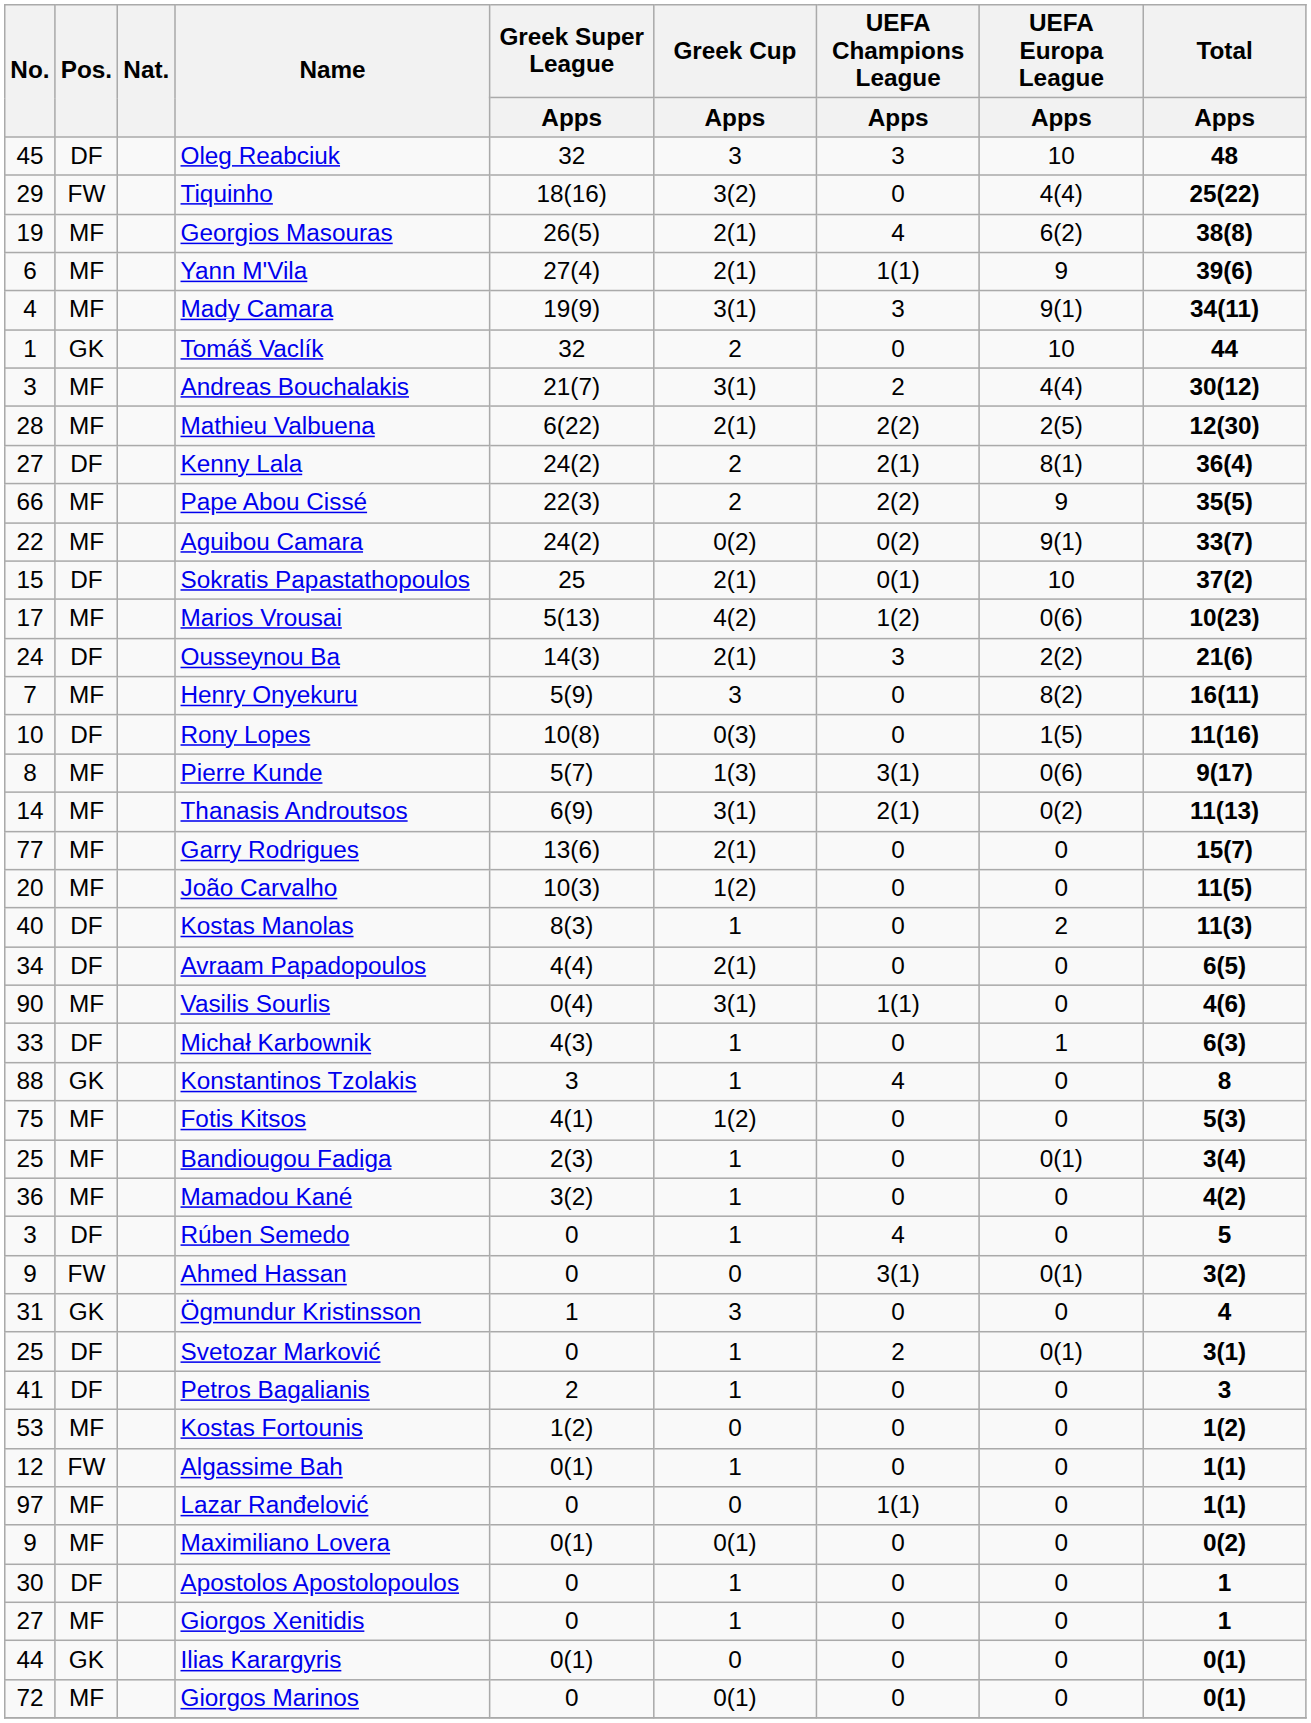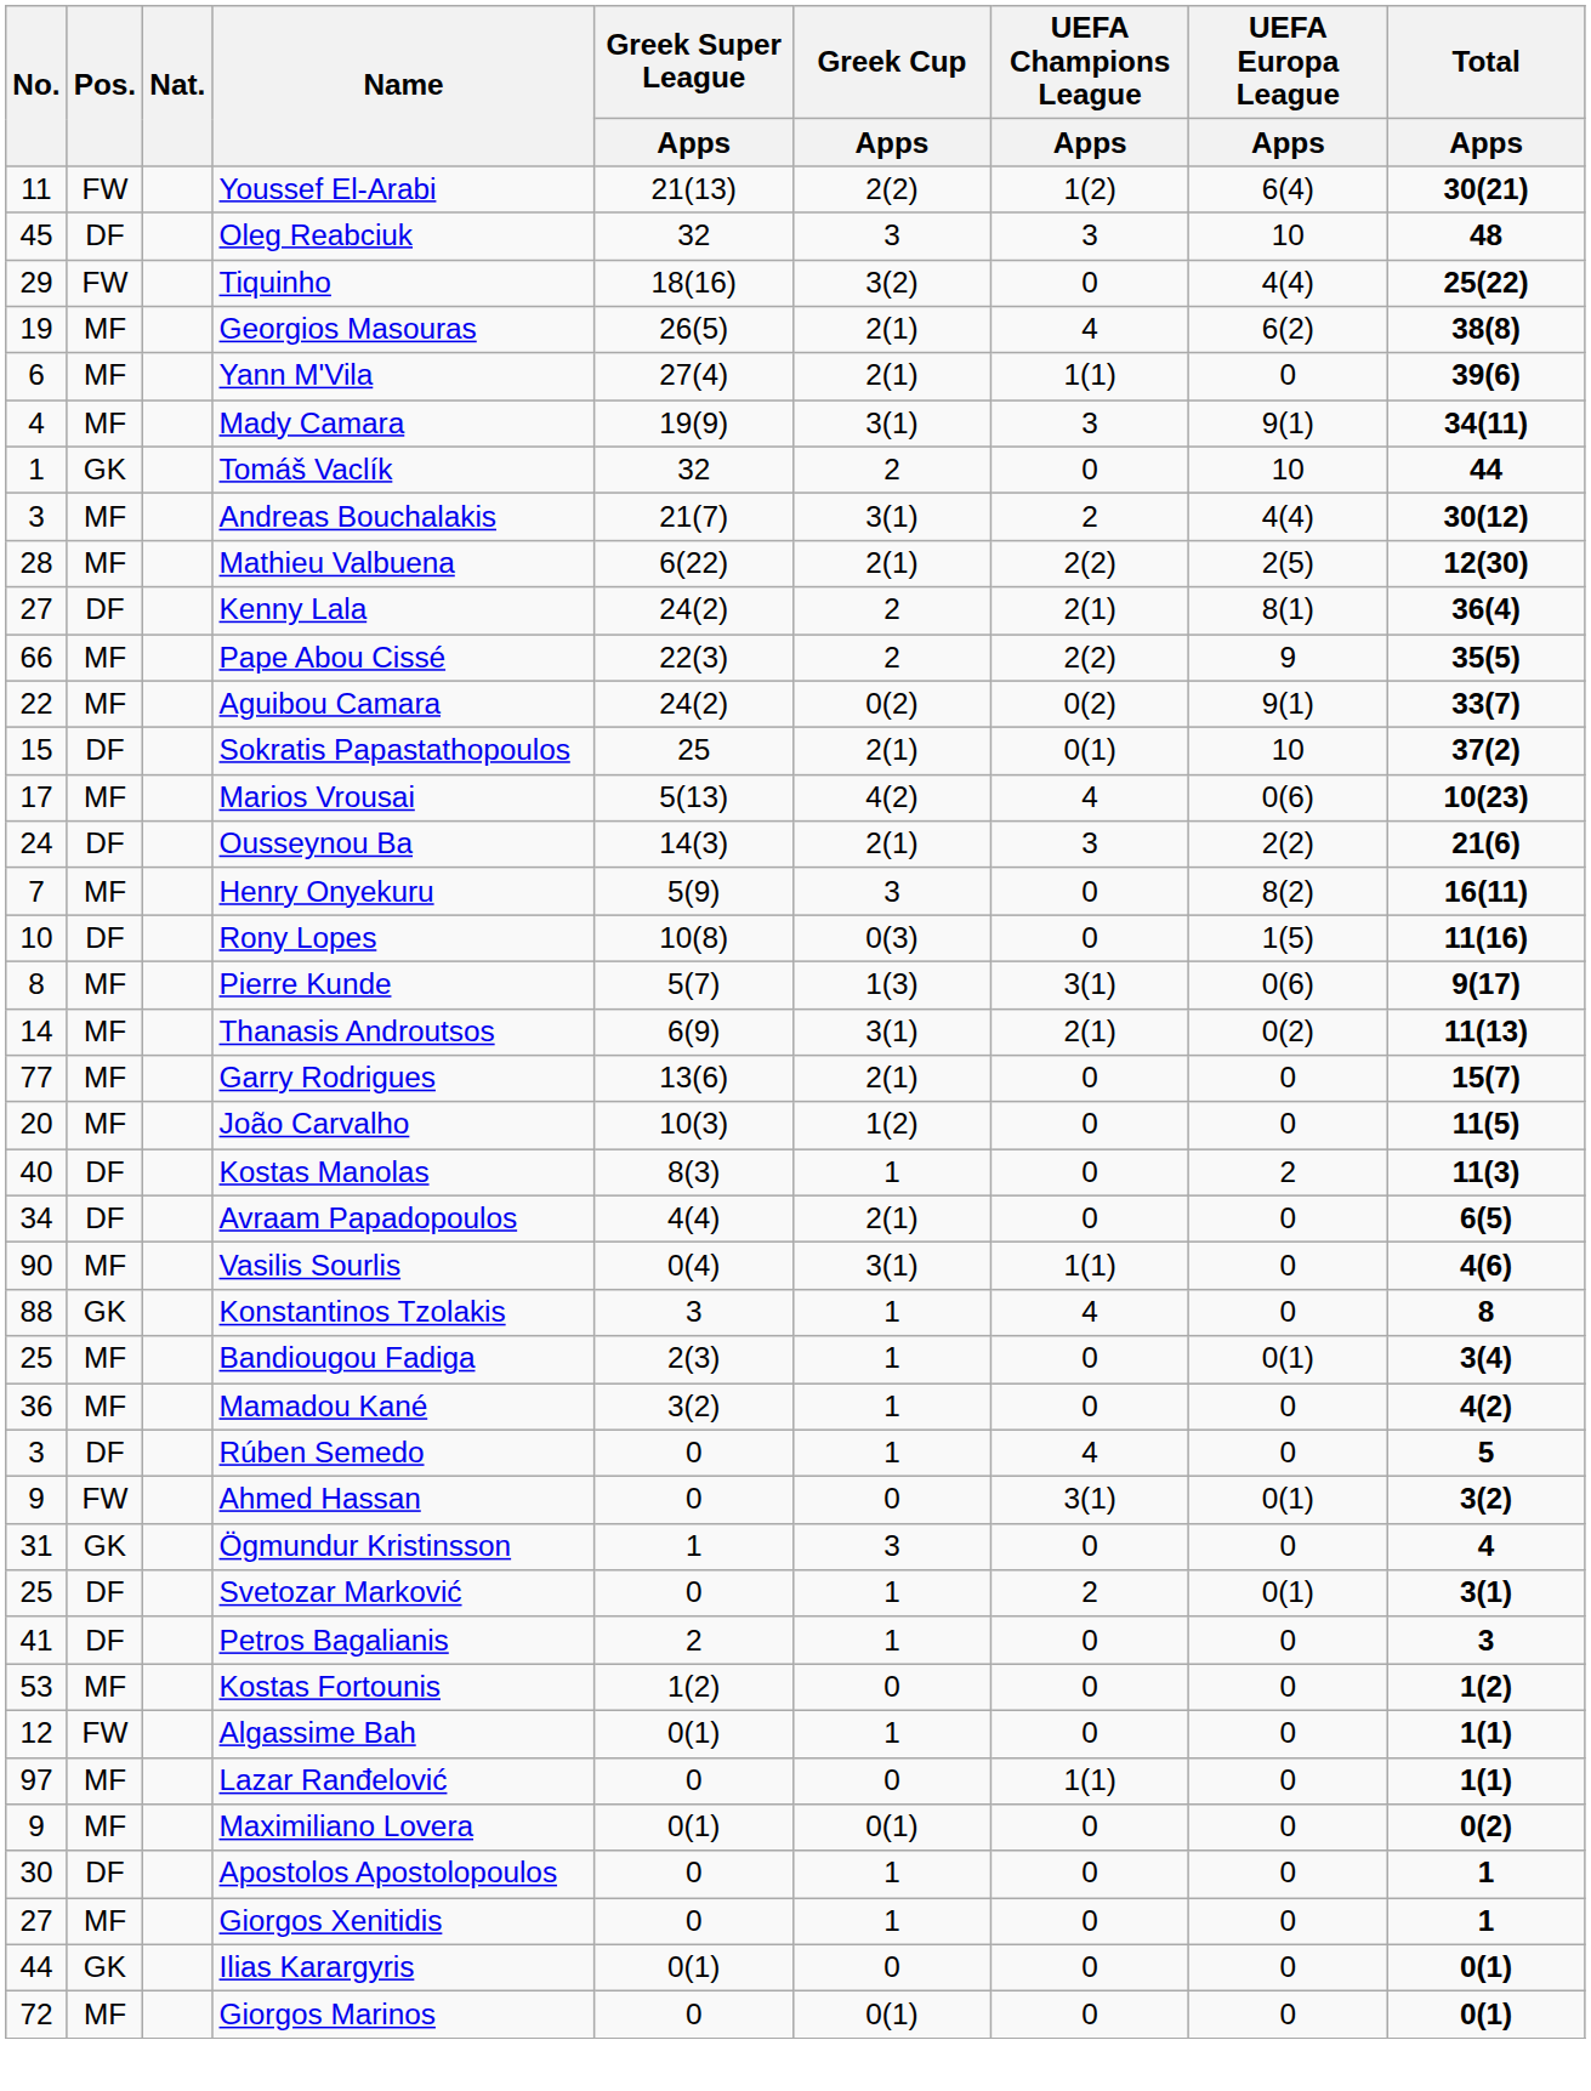 <table class="wikitable sortable" style="text-align:center">
 <tr>
 <th style="text-align:center;" rowspan="2">No.</th>
 <th style="text-align:center;" rowspan="2">Pos.</th>
 <th style="text-align:center;" rowspan="2">Nat.</th>
 <th style="text-align:center; width:200px;" rowspan="2">Name</th>
 <th style="text-align:center; width:100px;">Greek Super League</th>
 <th style="text-align:center; width:100px;">Greek Cup</th>
 <th style="text-align:center; width:100px;">UEFA Champions League</th>
 <th style="text-align:center; width:100px;">UEFA Europa League</th>
 <th style="text-align:center; width:100px;">Total</th>
 </tr>
 <tr>
 <th style="text-align:center;">Apps</th>
 <th style="text-align:center;">Apps</th>
 <th style="text-align:center;">Apps</th>
 <th style="text-align:center;">Apps</th>
 <th style="text-align:center;">Apps</th>
+</tr>
+<tr>
+<td>11</td>
+<td>FW</td>
+<td></td>
+<td align=left><a href='#'>Youssef El-Arabi</a></td>
+<td>21(13)</td>
+<td>2(2)</td>
+<td>1(2)</td>
+<td>6(4)</td>
+<td><strong>30(21)</strong></td>
 </tr>
 <tr>
 <td>45</td>
 <td>DF</td>
 <td></td>
 <td align=left><a href='#'>Oleg Reabciuk</a></td>
 <td>32</td>
 <td>3</td>
 <td>3</td>
 <td>10</td>
 <td><strong>48</strong></td>
 </tr>
 <tr>
 <td>29</td>
 <td>FW</td>
 <td></td>
 <td align=left><a href='#'>Tiquinho</a></td>
 <td>18(16)</td>
 <td>3(2)</td>
 <td>0</td>
 <td>4(4)</td>
 <td><strong>25(22)</strong></td>
 </tr>
 <tr>
 <td>19</td>
 <td>MF</td>
 <td></td>
 <td align=left><a href='#'>Georgios Masouras</a></td>
 <td>26(5)</td>
 <td>2(1)</td>
 <td>4</td>
 <td>6(2)</td>
 <td><strong>38(8)</strong></td>
 </tr>
 <tr>
 <td>6</td>
 <td>MF</td>
 <td></td>
 <td align=left><a href='#'>Yann M'Vila</a></td>
 <td>27(4)</td>
 <td>2(1)</td>
 <td>1(1)</td>
-<td>9</td>
+<td>0</td>
 <td><strong>39(6)</strong></td>
 </tr>
 <tr>
 <td>4</td>
 <td>MF</td>
 <td></td>
 <td align=left><a href='#'>Mady Camara</a></td>
 <td>19(9)</td>
 <td>3(1)</td>
 <td>3</td>
 <td>9(1)</td>
 <td><strong>34(11)</strong></td>
 </tr>
 <tr>
 <td>1</td>
 <td>GK</td>
 <td></td>
 <td align=left><a href='#'>Tomáš Vaclík</a></td>
 <td>32</td>
 <td>2</td>
 <td>0</td>
 <td>10</td>
 <td><strong>44</strong></td>
 </tr>
 <tr>
 <td>3</td>
 <td>MF</td>
 <td></td>
 <td align=left><a href='#'>Andreas Bouchalakis</a></td>
 <td>21(7)</td>
 <td>3(1)</td>
 <td>2</td>
 <td>4(4)</td>
 <td><strong>30(12)</strong></td>
 </tr>
 <tr>
 <td>28</td>
 <td>MF</td>
 <td></td>
 <td align=left><a href='#'>Mathieu Valbuena</a></td>
 <td>6(22)</td>
 <td>2(1)</td>
 <td>2(2)</td>
 <td>2(5)</td>
 <td><strong>12(30)</strong></td>
 </tr>
 <tr>
 <td>27</td>
 <td>DF</td>
 <td></td>
 <td align=left><a href='#'>Kenny Lala</a></td>
 <td>24(2)</td>
 <td>2</td>
 <td>2(1)</td>
 <td>8(1)</td>
 <td><strong>36(4)</strong></td>
 </tr>
 <tr>
 <td>66</td>
 <td>MF</td>
 <td></td>
 <td align=left><a href='#'>Pape Abou Cissé</a></td>
 <td>22(3)</td>
 <td>2</td>
 <td>2(2)</td>
 <td>9</td>
 <td><strong>35(5)</strong></td>
 </tr>
 <tr>
 <td>22</td>
 <td>MF</td>
 <td></td>
 <td align=left><a href='#'>Aguibou Camara</a></td>
 <td>24(2)</td>
 <td>0(2)</td>
 <td>0(2)</td>
 <td>9(1)</td>
 <td><strong>33(7)</strong></td>
 </tr>
 <tr>
 <td>15</td>
 <td>DF</td>
 <td></td>
 <td align=left><a href='#'>Sokratis Papastathopoulos</a></td>
 <td>25</td>
 <td>2(1)</td>
 <td>0(1)</td>
 <td>10</td>
 <td><strong>37(2)</strong></td>
 </tr>
 <tr>
 <td>17</td>
 <td>MF</td>
 <td></td>
 <td align=left><a href='#'>Marios Vrousai</a></td>
 <td>5(13)</td>
 <td>4(2)</td>
-<td>1(2)</td>
+<td>4</td>
 <td>0(6)</td>
 <td><strong>10(23)</strong></td>
 </tr>
 <tr>
 <td>24</td>
 <td>DF</td>
 <td></td>
 <td align=left><a href='#'>Ousseynou Ba</a></td>
 <td>14(3)</td>
 <td>2(1)</td>
 <td>3</td>
 <td>2(2)</td>
 <td><strong>21(6)</strong></td>
 </tr>
 <tr>
 <td>7</td>
 <td>MF</td>
 <td></td>
 <td align=left><a href='#'>Henry Onyekuru</a></td>
 <td>5(9)</td>
 <td>3</td>
 <td>0</td>
 <td>8(2)</td>
 <td><strong>16(11)</strong></td>
 </tr>
 <tr>
 <td>10</td>
 <td>DF</td>
 <td></td>
 <td align=left><a href='#'>Rony Lopes</a></td>
 <td>10(8)</td>
 <td>0(3)</td>
 <td>0</td>
 <td>1(5)</td>
 <td><strong>11(16)</strong></td>
 </tr>
 <tr>
 <td>8</td>
 <td>MF</td>
 <td></td>
 <td align=left><a href='#'>Pierre Kunde</a></td>
 <td>5(7)</td>
 <td>1(3)</td>
 <td>3(1)</td>
 <td>0(6)</td>
 <td><strong>9(17)</strong></td>
 </tr>
 <tr>
 <td>14</td>
 <td>MF</td>
 <td></td>
 <td align=left><a href='#'>Thanasis Androutsos</a></td>
 <td>6(9)</td>
 <td>3(1)</td>
 <td>2(1)</td>
 <td>0(2)</td>
 <td><strong>11(13)</strong></td>
 </tr>
 <tr>
 <td>77</td>
 <td>MF</td>
 <td></td>
 <td align=left><a href='#'>Garry Rodrigues</a></td>
 <td>13(6)</td>
 <td>2(1)</td>
 <td>0</td>
 <td>0</td>
 <td><strong>15(7)</strong></td>
 </tr>
 <tr>
 <td>20</td>
 <td>MF</td>
 <td></td>
 <td align=left><a href='#'>João Carvalho</a></td>
 <td>10(3)</td>
 <td>1(2)</td>
 <td>0</td>
 <td>0</td>
 <td><strong>11(5)</strong></td>
 </tr>
 <tr>
 <td>40</td>
 <td>DF</td>
 <td></td>
 <td align=left><a href='#'>Kostas Manolas</a></td>
 <td>8(3)</td>
 <td>1</td>
 <td>0</td>
 <td>2</td>
 <td><strong>11(3)</strong></td>
 </tr>
 <tr>
 <td>34</td>
 <td>DF</td>
 <td></td>
 <td align=left><a href='#'>Avraam Papadopoulos</a></td>
 <td>4(4)</td>
 <td>2(1)</td>
 <td>0</td>
 <td>0</td>
 <td><strong>6(5)</strong></td>
 </tr>
 <tr>
 <td>90</td>
 <td>MF</td>
 <td></td>
 <td align=left><a href='#'>Vasilis Sourlis</a></td>
 <td>0(4)</td>
 <td>3(1)</td>
 <td>1(1)</td>
 <td>0</td>
 <td><strong>4(6)</strong></td>
 </tr>
 <tr>
-<td>33</td>
-<td>DF</td>
-<td></td>
-<td align=left><a href='#'>Michał Karbownik</a></td>
-<td>4(3)</td>
-<td>1</td>
-<td>0</td>
-<td>1</td>
-<td><strong>6(3)</strong></td>
-</tr>
-<tr>
 <td>88</td>
 <td>GK</td>
 <td></td>
 <td align=left><a href='#'>Konstantinos Tzolakis</a></td>
 <td>3</td>
 <td>1</td>
 <td>4</td>
 <td>0</td>
 <td><strong>8</strong></td>
-</tr>
-<tr>
-<td>75</td>
-<td>MF</td>
-<td></td>
-<td align=left><a href='#'>Fotis Kitsos</a></td>
-<td>4(1)</td>
-<td>1(2)</td>
-<td>0</td>
-<td>0</td>
-<td><strong>5(3)</strong></td>
 </tr>
 <tr>
 <td>25</td>
 <td>MF</td>
 <td></td>
 <td align=left><a href='#'>Bandiougou Fadiga</a></td>
 <td>2(3)</td>
 <td>1</td>
 <td>0</td>
 <td>0(1)</td>
 <td><strong>3(4)</strong></td>
 </tr>
 <tr>
 <td>36</td>
 <td>MF</td>
 <td></td>
 <td align=left><a href='#'>Mamadou Kané</a></td>
 <td>3(2)</td>
 <td>1</td>
 <td>0</td>
 <td>0</td>
 <td><strong>4(2)</strong></td>
 </tr>
 <tr>
 <td>3</td>
 <td>DF</td>
 <td></td>
 <td align=left><a href='#'>Rúben Semedo</a></td>
 <td>0</td>
 <td>1</td>
 <td>4</td>
 <td>0</td>
 <td><strong>5</strong></td>
 </tr>
 <tr>
 <td>9</td>
 <td>FW</td>
 <td></td>
 <td align=left><a href='#'>Ahmed Hassan</a></td>
 <td>0</td>
 <td>0</td>
 <td>3(1)</td>
 <td>0(1)</td>
 <td><strong>3(2)</strong></td>
 </tr>
 <tr>
 <td>31</td>
 <td>GK</td>
 <td></td>
 <td align=left><a href='#'>Ögmundur Kristinsson</a></td>
 <td>1</td>
 <td>3</td>
 <td>0</td>
 <td>0</td>
 <td><strong>4</strong></td>
 </tr>
 <tr>
 <td>25</td>
 <td>DF</td>
 <td></td>
 <td align=left><a href='#'>Svetozar Marković</a></td>
 <td>0</td>
 <td>1</td>
 <td>2</td>
 <td>0(1)</td>
 <td><strong>3(1)</strong></td>
 </tr>
 <tr>
 <td>41</td>
 <td>DF</td>
 <td></td>
 <td align=left><a href='#'>Petros Bagalianis</a></td>
 <td>2</td>
 <td>1</td>
 <td>0</td>
 <td>0</td>
 <td><strong>3</strong></td>
 </tr>
 <tr>
 <td>53</td>
 <td>MF</td>
 <td></td>
 <td align=left><a href='#'>Kostas Fortounis</a></td>
 <td>1(2)</td>
 <td>0</td>
 <td>0</td>
 <td>0</td>
 <td><strong>1(2)</strong></td>
 </tr>
 <tr>
 <td>12</td>
 <td>FW</td>
 <td></td>
 <td align=left><a href='#'>Algassime Bah</a></td>
 <td>0(1)</td>
 <td>1</td>
 <td>0</td>
 <td>0</td>
 <td><strong>1(1)</strong></td>
 </tr>
 <tr>
 <td>97</td>
 <td>MF</td>
 <td></td>
 <td align=left><a href='#'>Lazar Ranđelović</a></td>
 <td>0</td>
 <td>0</td>
 <td>1(1)</td>
 <td>0</td>
 <td><strong>1(1)</strong></td>
 </tr>
 <tr>
 <td>9</td>
 <td>MF</td>
 <td></td>
 <td align=left><a href='#'>Maximiliano Lovera</a></td>
 <td>0(1)</td>
 <td>0(1)</td>
 <td>0</td>
 <td>0</td>
 <td><strong>0(2)</strong></td>
 </tr>
 <tr>
 <td>30</td>
 <td>DF</td>
 <td></td>
 <td align=left><a href='#'>Apostolos Apostolopoulos</a></td>
 <td>0</td>
 <td>1</td>
 <td>0</td>
 <td>0</td>
 <td><strong>1</strong></td>
 </tr>
 <tr>
 <td>27</td>
 <td>MF</td>
 <td></td>
 <td align=left><a href='#'>Giorgos Xenitidis</a></td>
 <td>0</td>
 <td>1</td>
 <td>0</td>
 <td>0</td>
 <td><strong>1</strong></td>
 </tr>
 <tr>
 <td>44</td>
 <td>GK</td>
 <td></td>
 <td align=left><a href='#'>Ilias Karargyris</a></td>
 <td>0(1)</td>
 <td>0</td>
 <td>0</td>
 <td>0</td>
 <td><strong>0(1)</strong></td>
 </tr>
 <tr>
 <td>72</td>
 <td>MF</td>
 <td></td>
 <td align=left><a href='#'>Giorgos Marinos</a></td>
 <td>0</td>
 <td>0(1)</td>
 <td>0</td>
 <td>0</td>
 <td><strong>0(1)</strong></td>
 </tr>
 <tr>
 </tr>
 </table>
